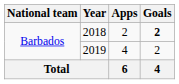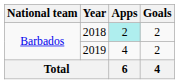 <table class="wikitable" style="text-align:center">
 <tr>
 <th>National team</th>
 <th>Year</th>
 <th>Apps</th>
 <th>Goals</th>
 </tr>
 <tr>
 <td rowspan="2"><a href='#'>Barbados</a></td>
 <td>2018</td>
+<td style="background: paleturquoise;">2</td>
 <td>2</td>
-<td><strong>2</strong></td>
 </tr>
 <tr>
 <td>2019</td>
 <td>4</td>
 <td>2</td>
 </tr>
 <tr>
 <th colspan="2">Total</th>
 <th>6</th>
 <th>4</th>
 </tr>
 </table>
